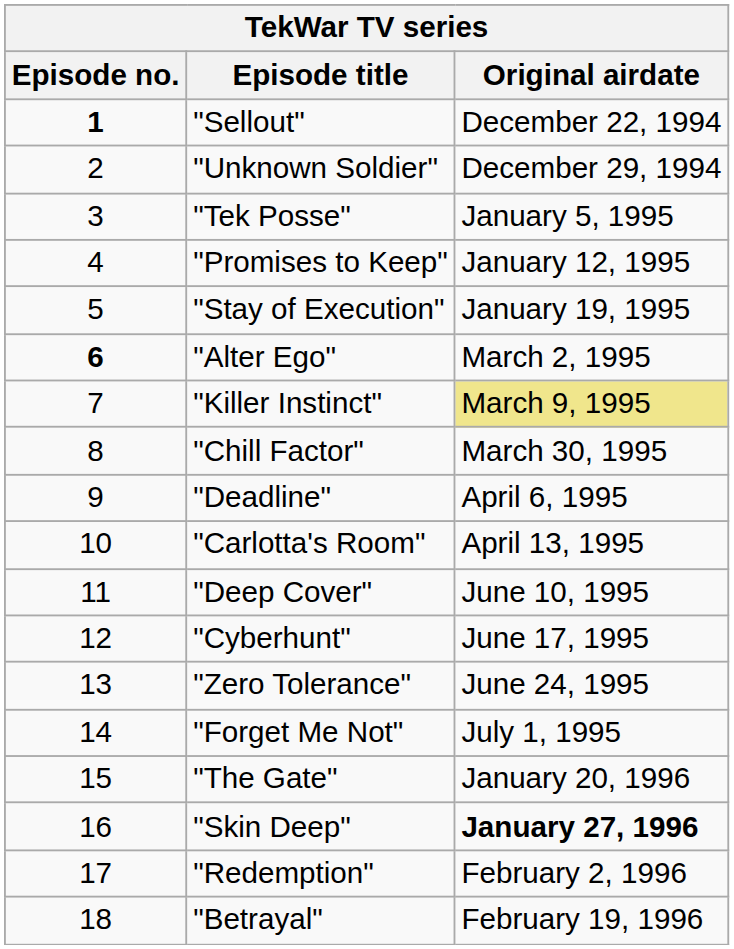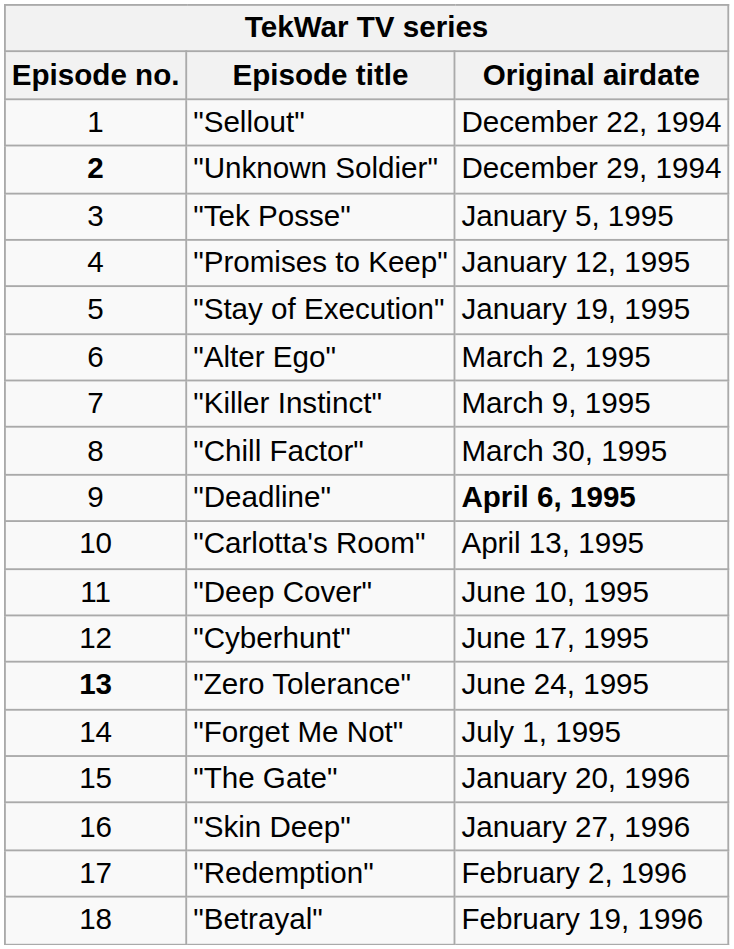 <table class="wikitable">
 <tr>
 <th colspan="3">TekWar TV series</th>
 </tr>
 <tr>
 <th>Episode no.</th>
 <th>Episode title</th>
 <th>Original airdate</th>
 </tr>
 <tr>
-<td style="text-align: center"><strong>1</strong></td>
+<td style="text-align: center">1</td>
 <td>"Sellout"</td>
 <td>December 22, 1994</td>
 </tr>
 <tr>
-<td style="text-align: center">2</td>
+<td style="text-align: center"><strong>2</strong></td>
 <td>"Unknown Soldier"</td>
 <td>December 29, 1994</td>
 </tr>
 <tr>
 <td style="text-align: center">3</td>
 <td>"Tek Posse"</td>
 <td>January 5, 1995</td>
 </tr>
 <tr>
 <td style="text-align: center">4</td>
 <td>"Promises to Keep"</td>
 <td>January 12, 1995</td>
 </tr>
 <tr>
 <td style="text-align: center">5</td>
 <td>"Stay of Execution"</td>
 <td>January 19, 1995</td>
 </tr>
 <tr>
-<td style="text-align: center"><strong>6</strong></td>
+<td style="text-align: center">6</td>
 <td>"Alter Ego"</td>
 <td>March 2, 1995</td>
 </tr>
 <tr>
 <td style="text-align: center">7</td>
 <td>"Killer Instinct"</td>
-<td style="background: khaki;">March 9, 1995</td>
+<td>March 9, 1995</td>
 </tr>
 <tr>
 <td style="text-align: center">8</td>
 <td>"Chill Factor"</td>
 <td>March 30, 1995</td>
 </tr>
 <tr>
 <td style="text-align: center">9</td>
 <td>"Deadline"</td>
-<td>April 6, 1995</td>
+<td><strong>April 6, 1995</strong></td>
 </tr>
 <tr>
 <td style="text-align: center">10</td>
 <td>"Carlotta's Room"</td>
 <td>April 13, 1995</td>
 </tr>
 <tr>
 <td style="text-align: center">11</td>
 <td>"Deep Cover"</td>
 <td>June 10, 1995</td>
 </tr>
 <tr>
 <td style="text-align: center">12</td>
 <td>"Cyberhunt"</td>
 <td>June 17, 1995</td>
 </tr>
 <tr>
-<td style="text-align: center">13</td>
+<td style="text-align: center"><strong>13</strong></td>
 <td>"Zero Tolerance"</td>
 <td>June 24, 1995</td>
 </tr>
 <tr>
 <td style="text-align: center">14</td>
 <td>"Forget Me Not"</td>
 <td>July 1, 1995</td>
 </tr>
 <tr>
 <td style="text-align: center">15</td>
 <td>"The Gate"</td>
 <td>January 20, 1996</td>
 </tr>
 <tr>
 <td style="text-align: center">16</td>
 <td>"Skin Deep"</td>
-<td><strong>January 27, 1996</strong></td>
+<td>January 27, 1996</td>
 </tr>
 <tr>
 <td style="text-align: center">17</td>
 <td>"Redemption"</td>
 <td>February 2, 1996</td>
 </tr>
 <tr>
 <td style="text-align: center">18</td>
 <td>"Betrayal"</td>
 <td>February 19, 1996</td>
 </tr>
 </table>
